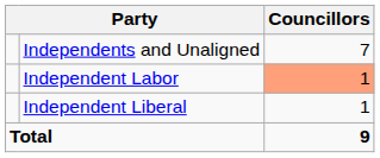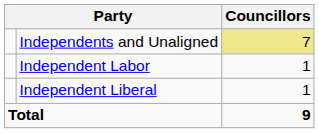 <table class="wikitable">
 <tr>
 <th colspan="2">Party</th>
 <th>Councillors</th>
 </tr>
 <tr>
 <td> </td>
 <td><a href='#'>Independents</a> and Unaligned</td>
-<td align=right>7</td>
+<td align=right style="background: khaki;">7</td>
 </tr>
 <tr>
 <td> </td>
 <td><a href='#'>Independent Labor</a></td>
-<td align=right style="background: lightsalmon;">1</td>
+<td align=right>1</td>
 </tr>
 <tr>
 <td> </td>
 <td><a href='#'>Independent Liberal</a></td>
 <td align=right>1</td>
 </tr>
 <tr>
 <td colspan=2><strong>Total</strong></td>
 <td align=right><strong>9</strong></td>
 </tr>
 </table>
